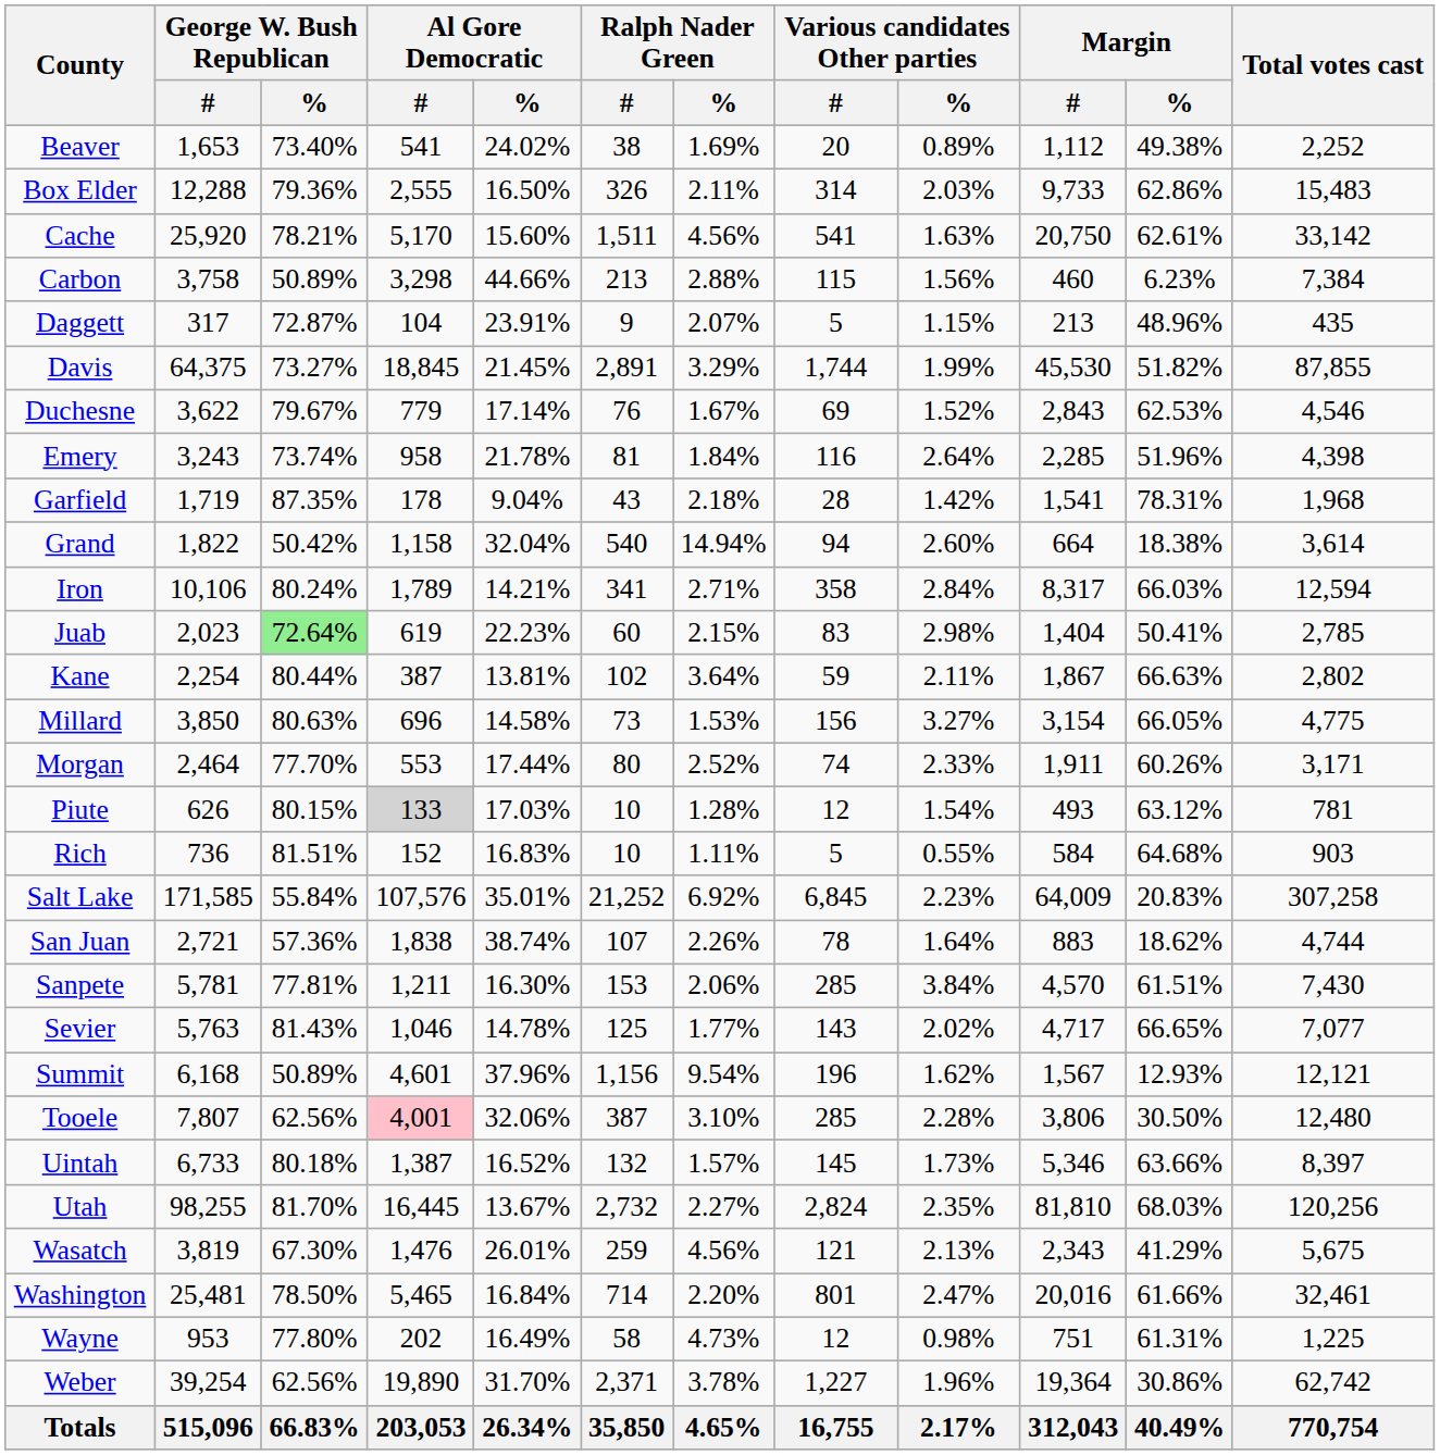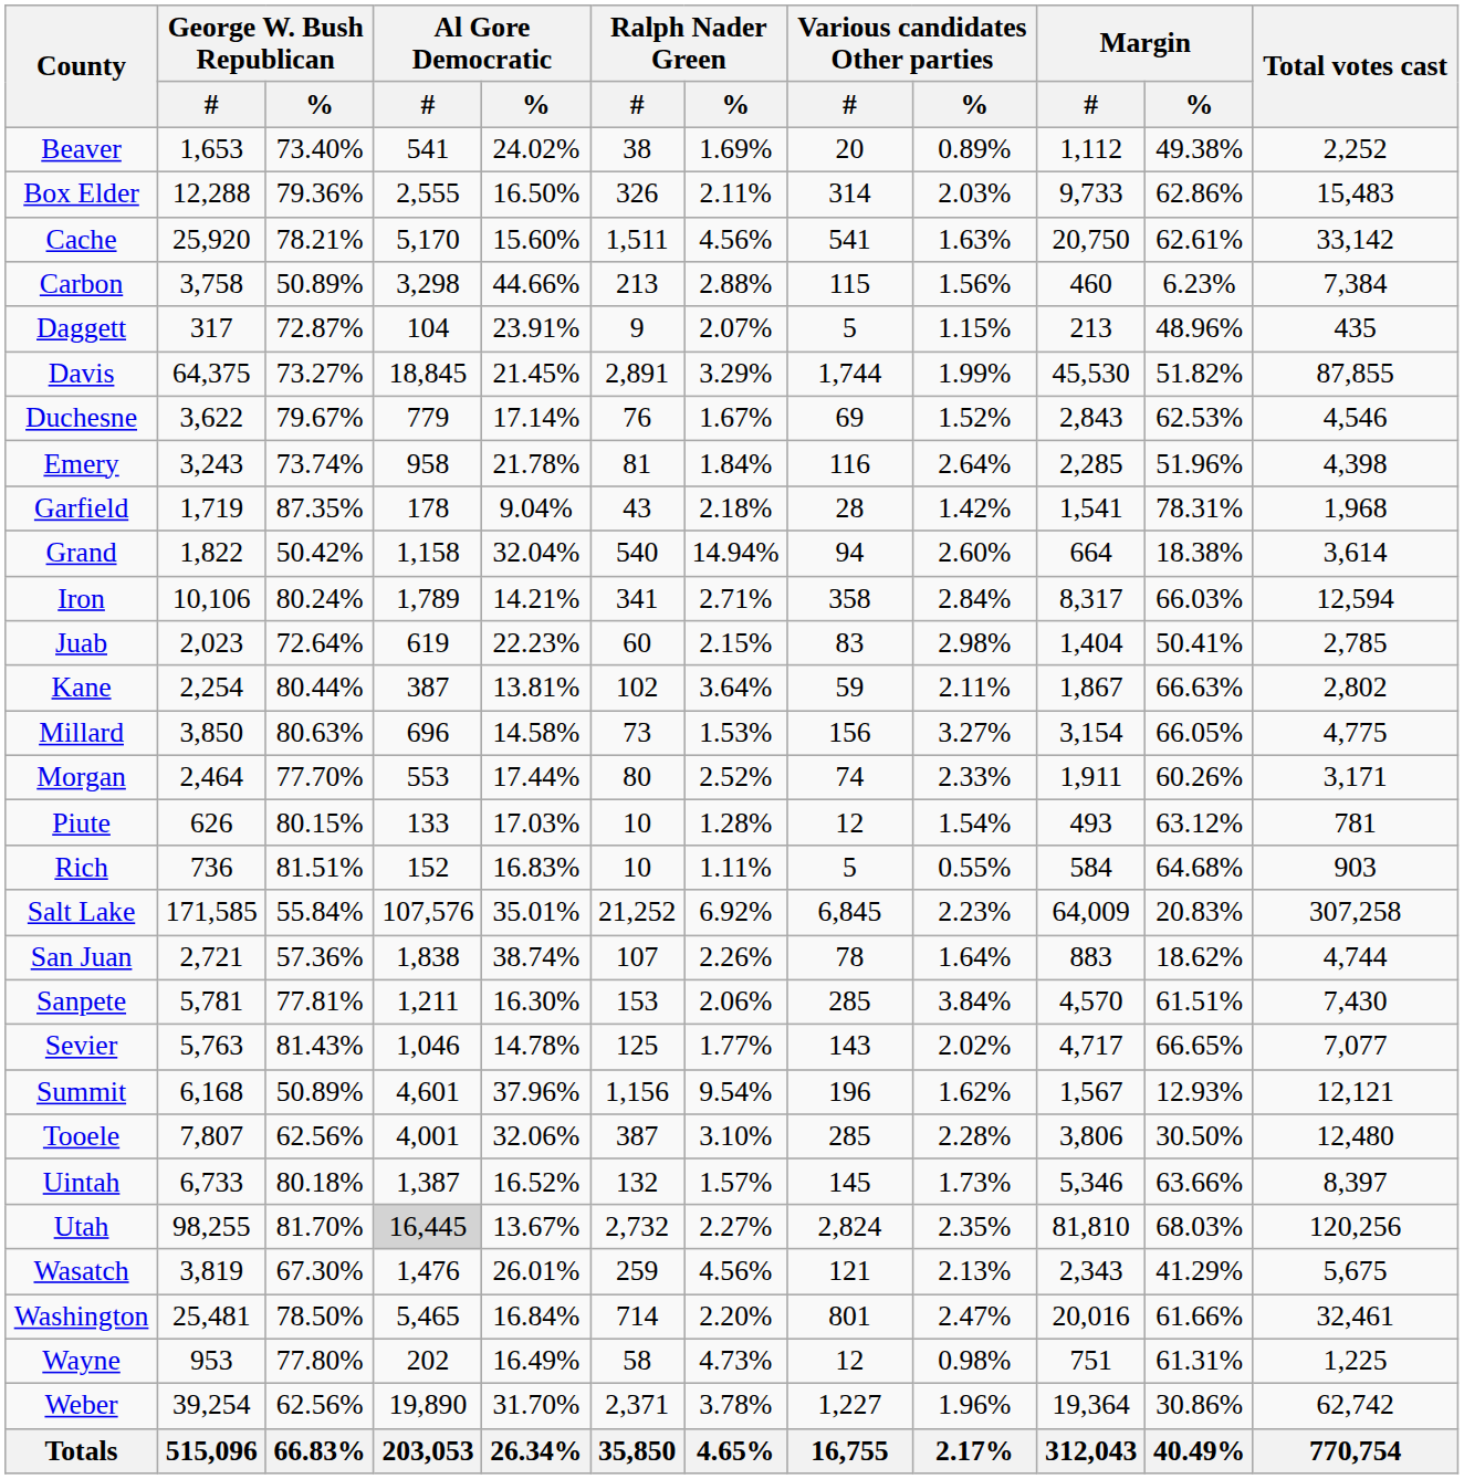 <table width="65%"  class="wikitable sortable" style="text-align:center">
 <tr>
 <th colspan="1" rowspan="2">County</th>
 <th style="text-align:center;" colspan="2">George W. Bush<br>Republican</th>
 <th style="text-align:center;" colspan="2">Al Gore<br>Democratic</th>
 <th style="text-align:center;" colspan="2">Ralph Nader<br>Green</th>
 <th style="text-align:center;" colspan="2">Various candidates<br>Other parties</th>
 <th style="text-align:center;" colspan="2">Margin</th>
 <th rowspan="2" style="text-align:center;">Total votes cast</th>
 </tr>
 <tr>
 <th style="text-align:center;" data-sort-type="number">#</th>
 <th style="text-align:center;" data-sort-type="number">%</th>
 <th style="text-align:center;" data-sort-type="number">#</th>
 <th style="text-align:center;" data-sort-type="number">%</th>
 <th style="text-align:center;" data-sort-type="number">#</th>
 <th style="text-align:center;" data-sort-type="number">%</th>
 <th style="text-align:center;" data-sort-type="number">#</th>
 <th style="text-align:center;" data-sort-type="number">%</th>
 <th style="text-align:center;" data-sort-type="number">#</th>
 <th style="text-align:center;" data-sort-type="number">%</th>
 </tr>
 <tr style="text-align:center;">
 <td><a href='#'>Beaver</a></td>
 <td>1,653</td>
 <td>73.40%</td>
 <td>541</td>
 <td>24.02%</td>
 <td>38</td>
 <td>1.69%</td>
 <td>20</td>
 <td>0.89%</td>
 <td>1,112</td>
 <td>49.38%</td>
 <td>2,252</td>
 </tr>
 <tr style="text-align:center;">
 <td><a href='#'>Box Elder</a></td>
 <td>12,288</td>
 <td>79.36%</td>
 <td>2,555</td>
 <td>16.50%</td>
 <td>326</td>
 <td>2.11%</td>
 <td>314</td>
 <td>2.03%</td>
 <td>9,733</td>
 <td>62.86%</td>
 <td>15,483</td>
 </tr>
 <tr style="text-align:center;">
 <td><a href='#'>Cache</a></td>
 <td>25,920</td>
 <td>78.21%</td>
 <td>5,170</td>
 <td>15.60%</td>
 <td>1,511</td>
 <td>4.56%</td>
 <td>541</td>
 <td>1.63%</td>
 <td>20,750</td>
 <td>62.61%</td>
 <td>33,142</td>
 </tr>
 <tr style="text-align:center;">
 <td><a href='#'>Carbon</a></td>
 <td>3,758</td>
 <td>50.89%</td>
 <td>3,298</td>
 <td>44.66%</td>
 <td>213</td>
 <td>2.88%</td>
 <td>115</td>
 <td>1.56%</td>
 <td>460</td>
 <td>6.23%</td>
 <td>7,384</td>
 </tr>
 <tr style="text-align:center;">
 <td><a href='#'>Daggett</a></td>
 <td>317</td>
 <td>72.87%</td>
 <td>104</td>
 <td>23.91%</td>
 <td>9</td>
 <td>2.07%</td>
 <td>5</td>
 <td>1.15%</td>
 <td>213</td>
 <td>48.96%</td>
 <td>435</td>
 </tr>
 <tr style="text-align:center;">
 <td><a href='#'>Davis</a></td>
 <td>64,375</td>
 <td>73.27%</td>
 <td>18,845</td>
 <td>21.45%</td>
 <td>2,891</td>
 <td>3.29%</td>
 <td>1,744</td>
 <td>1.99%</td>
 <td>45,530</td>
 <td>51.82%</td>
 <td>87,855</td>
 </tr>
 <tr style="text-align:center;">
 <td><a href='#'>Duchesne</a></td>
 <td>3,622</td>
 <td>79.67%</td>
 <td>779</td>
 <td>17.14%</td>
 <td>76</td>
 <td>1.67%</td>
 <td>69</td>
 <td>1.52%</td>
 <td>2,843</td>
 <td>62.53%</td>
 <td>4,546</td>
 </tr>
 <tr style="text-align:center;">
 <td><a href='#'>Emery</a></td>
 <td>3,243</td>
 <td>73.74%</td>
 <td>958</td>
 <td>21.78%</td>
 <td>81</td>
 <td>1.84%</td>
 <td>116</td>
 <td>2.64%</td>
 <td>2,285</td>
 <td>51.96%</td>
 <td>4,398</td>
 </tr>
 <tr style="text-align:center;">
 <td><a href='#'>Garfield</a></td>
 <td>1,719</td>
 <td>87.35%</td>
 <td>178</td>
 <td>9.04%</td>
 <td>43</td>
 <td>2.18%</td>
 <td>28</td>
 <td>1.42%</td>
 <td>1,541</td>
 <td>78.31%</td>
 <td>1,968</td>
 </tr>
 <tr style="text-align:center;">
 <td><a href='#'>Grand</a></td>
 <td>1,822</td>
 <td>50.42%</td>
 <td>1,158</td>
 <td>32.04%</td>
 <td>540</td>
 <td>14.94%</td>
 <td>94</td>
 <td>2.60%</td>
 <td>664</td>
 <td>18.38%</td>
 <td>3,614</td>
 </tr>
 <tr style="text-align:center;">
 <td><a href='#'>Iron</a></td>
 <td>10,106</td>
 <td>80.24%</td>
 <td>1,789</td>
 <td>14.21%</td>
 <td>341</td>
 <td>2.71%</td>
 <td>358</td>
 <td>2.84%</td>
 <td>8,317</td>
 <td>66.03%</td>
 <td>12,594</td>
 </tr>
 <tr style="text-align:center;">
 <td><a href='#'>Juab</a></td>
 <td>2,023</td>
-<td style="background: lightgreen;">72.64%</td>
+<td>72.64%</td>
 <td>619</td>
 <td>22.23%</td>
 <td>60</td>
 <td>2.15%</td>
 <td>83</td>
 <td>2.98%</td>
 <td>1,404</td>
 <td>50.41%</td>
 <td>2,785</td>
 </tr>
 <tr style="text-align:center;">
 <td><a href='#'>Kane</a></td>
 <td>2,254</td>
 <td>80.44%</td>
 <td>387</td>
 <td>13.81%</td>
 <td>102</td>
 <td>3.64%</td>
 <td>59</td>
 <td>2.11%</td>
 <td>1,867</td>
 <td>66.63%</td>
 <td>2,802</td>
 </tr>
 <tr style="text-align:center;">
 <td><a href='#'>Millard</a></td>
 <td>3,850</td>
 <td>80.63%</td>
 <td>696</td>
 <td>14.58%</td>
 <td>73</td>
 <td>1.53%</td>
 <td>156</td>
 <td>3.27%</td>
 <td>3,154</td>
 <td>66.05%</td>
 <td>4,775</td>
 </tr>
 <tr style="text-align:center;">
 <td><a href='#'>Morgan</a></td>
 <td>2,464</td>
 <td>77.70%</td>
 <td>553</td>
 <td>17.44%</td>
 <td>80</td>
 <td>2.52%</td>
 <td>74</td>
 <td>2.33%</td>
 <td>1,911</td>
 <td>60.26%</td>
 <td>3,171</td>
 </tr>
 <tr style="text-align:center;">
 <td><a href='#'>Piute</a></td>
 <td>626</td>
 <td>80.15%</td>
-<td style="background: lightgrey;">133</td>
+<td>133</td>
 <td>17.03%</td>
 <td>10</td>
 <td>1.28%</td>
 <td>12</td>
 <td>1.54%</td>
 <td>493</td>
 <td>63.12%</td>
 <td>781</td>
 </tr>
 <tr style="text-align:center;">
 <td><a href='#'>Rich</a></td>
 <td>736</td>
 <td>81.51%</td>
 <td>152</td>
 <td>16.83%</td>
 <td>10</td>
 <td>1.11%</td>
 <td>5</td>
 <td>0.55%</td>
 <td>584</td>
 <td>64.68%</td>
 <td>903</td>
 </tr>
 <tr style="text-align:center;">
 <td><a href='#'>Salt Lake</a></td>
 <td>171,585</td>
 <td>55.84%</td>
 <td>107,576</td>
 <td>35.01%</td>
 <td>21,252</td>
 <td>6.92%</td>
 <td>6,845</td>
 <td>2.23%</td>
 <td>64,009</td>
 <td>20.83%</td>
 <td>307,258</td>
 </tr>
 <tr style="text-align:center;">
 <td><a href='#'>San Juan</a></td>
 <td>2,721</td>
 <td>57.36%</td>
 <td>1,838</td>
 <td>38.74%</td>
 <td>107</td>
 <td>2.26%</td>
 <td>78</td>
 <td>1.64%</td>
 <td>883</td>
 <td>18.62%</td>
 <td>4,744</td>
 </tr>
 <tr style="text-align:center;">
 <td><a href='#'>Sanpete</a></td>
 <td>5,781</td>
 <td>77.81%</td>
 <td>1,211</td>
 <td>16.30%</td>
 <td>153</td>
 <td>2.06%</td>
 <td>285</td>
 <td>3.84%</td>
 <td>4,570</td>
 <td>61.51%</td>
 <td>7,430</td>
 </tr>
 <tr style="text-align:center;">
 <td><a href='#'>Sevier</a></td>
 <td>5,763</td>
 <td>81.43%</td>
 <td>1,046</td>
 <td>14.78%</td>
 <td>125</td>
 <td>1.77%</td>
 <td>143</td>
 <td>2.02%</td>
 <td>4,717</td>
 <td>66.65%</td>
 <td>7,077</td>
 </tr>
 <tr style="text-align:center;">
 <td><a href='#'>Summit</a></td>
 <td>6,168</td>
 <td>50.89%</td>
 <td>4,601</td>
 <td>37.96%</td>
 <td>1,156</td>
 <td>9.54%</td>
 <td>196</td>
 <td>1.62%</td>
 <td>1,567</td>
 <td>12.93%</td>
 <td>12,121</td>
 </tr>
 <tr style="text-align:center;">
 <td><a href='#'>Tooele</a></td>
 <td>7,807</td>
 <td>62.56%</td>
-<td style="background: pink;">4,001</td>
+<td>4,001</td>
 <td>32.06%</td>
 <td>387</td>
 <td>3.10%</td>
 <td>285</td>
 <td>2.28%</td>
 <td>3,806</td>
 <td>30.50%</td>
 <td>12,480</td>
 </tr>
 <tr style="text-align:center;">
 <td><a href='#'>Uintah</a></td>
 <td>6,733</td>
 <td>80.18%</td>
 <td>1,387</td>
 <td>16.52%</td>
 <td>132</td>
 <td>1.57%</td>
 <td>145</td>
 <td>1.73%</td>
 <td>5,346</td>
 <td>63.66%</td>
 <td>8,397</td>
 </tr>
 <tr style="text-align:center;">
 <td><a href='#'>Utah</a></td>
 <td>98,255</td>
 <td>81.70%</td>
-<td>16,445</td>
+<td style="background: lightgrey;">16,445</td>
 <td>13.67%</td>
 <td>2,732</td>
 <td>2.27%</td>
 <td>2,824</td>
 <td>2.35%</td>
 <td>81,810</td>
 <td>68.03%</td>
 <td>120,256</td>
 </tr>
 <tr style="text-align:center;">
 <td><a href='#'>Wasatch</a></td>
 <td>3,819</td>
 <td>67.30%</td>
 <td>1,476</td>
 <td>26.01%</td>
 <td>259</td>
 <td>4.56%</td>
 <td>121</td>
 <td>2.13%</td>
 <td>2,343</td>
 <td>41.29%</td>
 <td>5,675</td>
 </tr>
 <tr style="text-align:center;">
 <td><a href='#'>Washington</a></td>
 <td>25,481</td>
 <td>78.50%</td>
 <td>5,465</td>
 <td>16.84%</td>
 <td>714</td>
 <td>2.20%</td>
 <td>801</td>
 <td>2.47%</td>
 <td>20,016</td>
 <td>61.66%</td>
 <td>32,461</td>
 </tr>
 <tr style="text-align:center;">
 <td><a href='#'>Wayne</a></td>
 <td>953</td>
 <td>77.80%</td>
 <td>202</td>
 <td>16.49%</td>
 <td>58</td>
 <td>4.73%</td>
 <td>12</td>
 <td>0.98%</td>
 <td>751</td>
 <td>61.31%</td>
 <td>1,225</td>
 </tr>
 <tr style="text-align:center;">
 <td><a href='#'>Weber</a></td>
 <td>39,254</td>
 <td>62.56%</td>
 <td>19,890</td>
 <td>31.70%</td>
 <td>2,371</td>
 <td>3.78%</td>
 <td>1,227</td>
 <td>1.96%</td>
 <td>19,364</td>
 <td>30.86%</td>
 <td>62,742</td>
 </tr>
 <tr style="text-align:center;">
 <th>Totals</th>
 <th>515,096</th>
 <th>66.83%</th>
 <th>203,053</th>
 <th>26.34%</th>
 <th>35,850</th>
 <th>4.65%</th>
 <th>16,755</th>
 <th>2.17%</th>
 <th>312,043</th>
 <th>40.49%</th>
 <th>770,754</th>
 </tr>
 </table>
